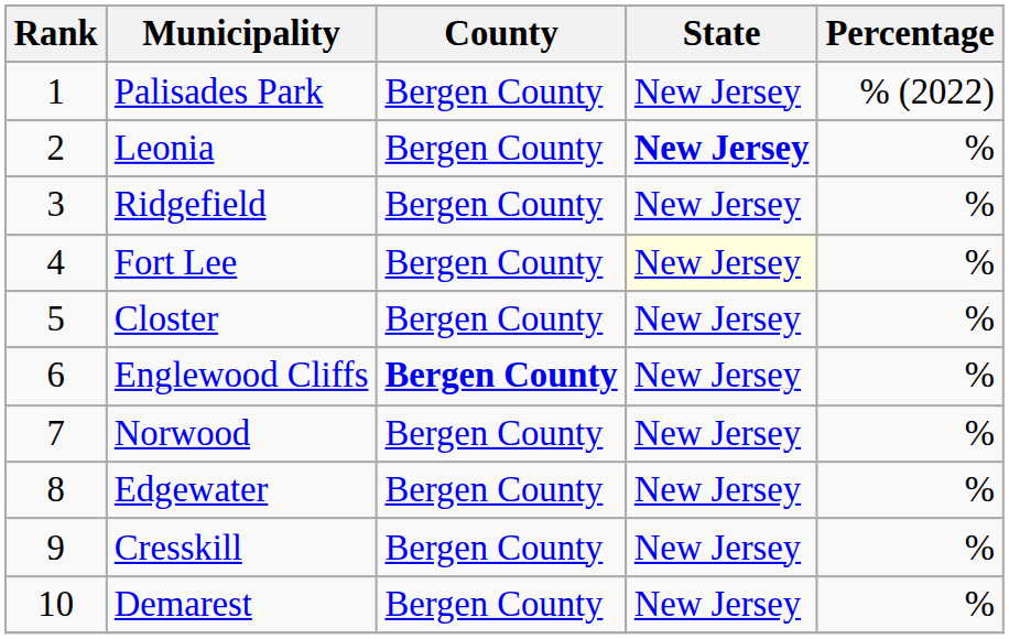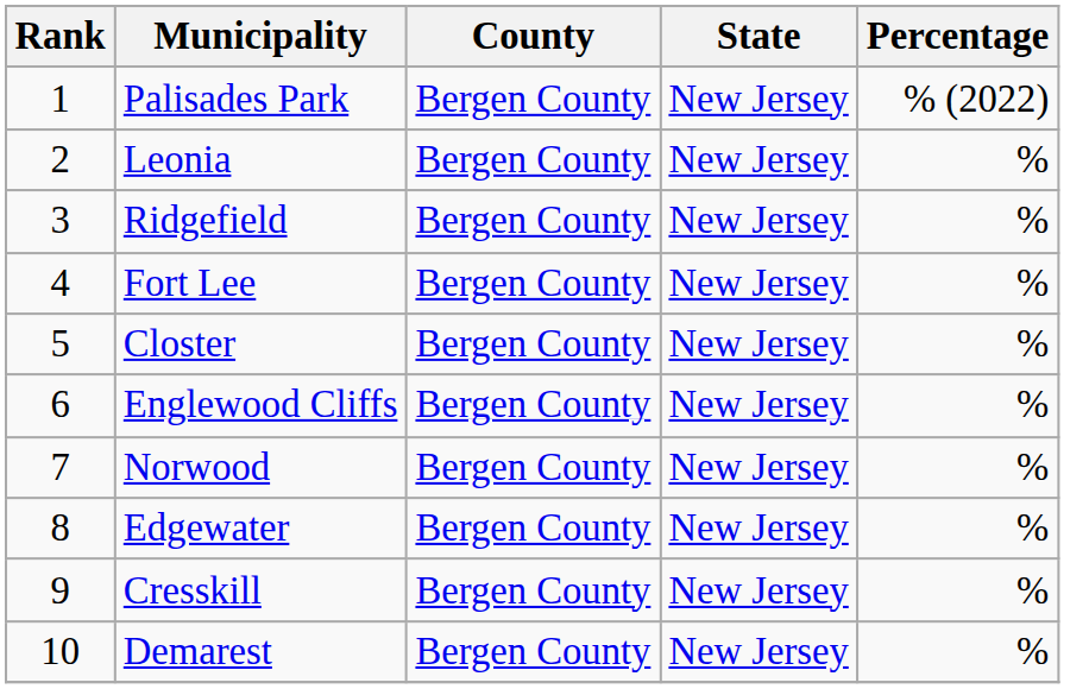 <table class="wikitable sortable">
 <tr>
 <th>Rank</th>
 <th>Municipality</th>
 <th>County</th>
 <th>State</th>
 <th>Percentage</th>
 </tr>
 <tr>
 <td align=center>1</td>
 <td><a href='#'>Palisades Park</a></td>
 <td><a href='#'>Bergen County</a></td>
 <td><a href='#'>New Jersey</a></td>
 <td align=right>% (2022)</td>
 </tr>
 <tr>
 <td align=center>2</td>
 <td><a href='#'>Leonia</a></td>
 <td><a href='#'>Bergen County</a></td>
-<td><strong><a href='#'>New Jersey</a></strong></td>
+<td><a href='#'>New Jersey</a></td>
 <td align=right>%</td>
 </tr>
 <tr>
 <td align=center>3</td>
 <td><a href='#'>Ridgefield</a></td>
 <td><a href='#'>Bergen County</a></td>
 <td><a href='#'>New Jersey</a></td>
 <td align=right>%</td>
 </tr>
 <tr>
 <td align=center>4</td>
 <td><a href='#'>Fort Lee</a></td>
 <td><a href='#'>Bergen County</a></td>
-<td style="background: lightyellow;"><a href='#'>New Jersey</a></td>
+<td><a href='#'>New Jersey</a></td>
 <td align=right>%</td>
 </tr>
 <tr>
 <td align=center>5</td>
 <td><a href='#'>Closter</a></td>
 <td><a href='#'>Bergen County</a></td>
 <td><a href='#'>New Jersey</a></td>
 <td align=right>%</td>
 </tr>
 <tr>
 <td align=center>6</td>
 <td><a href='#'>Englewood Cliffs</a></td>
-<td><strong><a href='#'>Bergen County</a></strong></td>
+<td><a href='#'>Bergen County</a></td>
 <td><a href='#'>New Jersey</a></td>
 <td align=right>%</td>
 </tr>
 <tr>
 <td align=center>7</td>
 <td><a href='#'>Norwood</a></td>
 <td><a href='#'>Bergen County</a></td>
 <td><a href='#'>New Jersey</a></td>
 <td align=right>%</td>
 </tr>
 <tr>
 <td align=center>8</td>
 <td><a href='#'>Edgewater</a></td>
 <td><a href='#'>Bergen County</a></td>
 <td><a href='#'>New Jersey</a></td>
 <td align=right>%</td>
 </tr>
 <tr>
 <td align=center>9</td>
 <td><a href='#'>Cresskill</a></td>
 <td><a href='#'>Bergen County</a></td>
 <td><a href='#'>New Jersey</a></td>
 <td align=right>%</td>
 </tr>
 <tr>
 <td align=center>10</td>
 <td><a href='#'>Demarest</a></td>
 <td><a href='#'>Bergen County</a></td>
 <td><a href='#'>New Jersey</a></td>
 <td align=right>%</td>
 </tr>
 <tr>
 </tr>
 </table>
